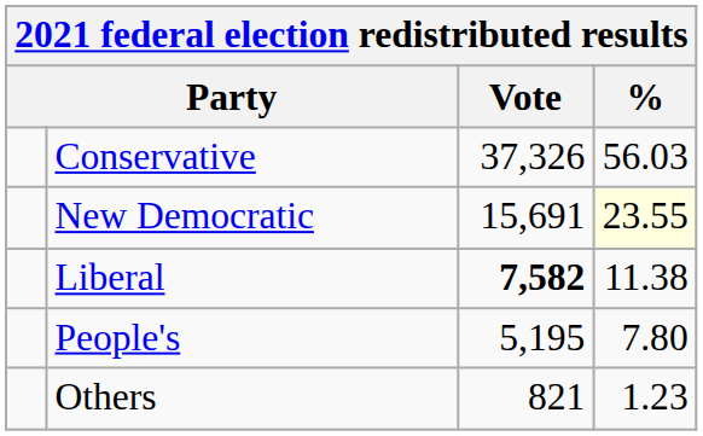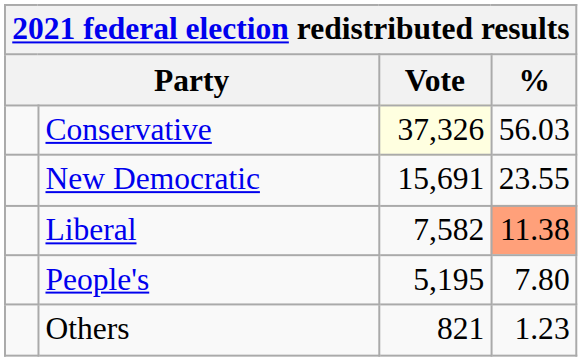 <table class="wikitable">
 <tr>
 <th colspan="4"><a href='#'>2021 federal election</a> redistributed results</th>
 </tr>
 <tr>
 <th bgcolor="#DDDDFF" width="130px" colspan="2">Party</th>
 <th bgcolor="#DDDDFF" width="50px">Vote</th>
 <th bgcolor="#DDDDFF" width="30px">%</th>
 </tr>
 <tr>
 <td> </td>
 <td><a href='#'>Conservative</a></td>
-<td align=right>37,326</td>
+<td align=right style="background: lightyellow;">37,326</td>
 <td align=right>56.03</td>
 </tr>
 <tr>
 <td> </td>
 <td><a href='#'>New Democratic</a></td>
 <td align=right>15,691</td>
-<td align=right style="background: lightyellow;">23.55</td>
+<td align=right>23.55</td>
 </tr>
 <tr>
 <td> </td>
 <td><a href='#'>Liberal</a></td>
-<td align=right><strong>7,582</strong></td>
-<td align=right>11.38</td>
+<td align=right>7,582</td>
+<td align=right style="background: lightsalmon;">11.38</td>
 </tr>
 <tr>
 <td> </td>
 <td><a href='#'>People's</a></td>
 <td align=right>5,195</td>
 <td align=right>7.80</td>
 </tr>
 <tr>
 <td> </td>
 <td>Others</td>
 <td align=right>821</td>
 <td align=right>1.23</td>
 </tr>
 </table>
